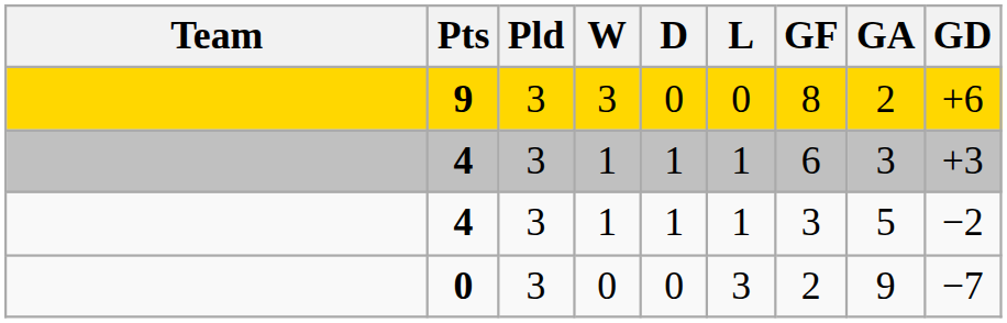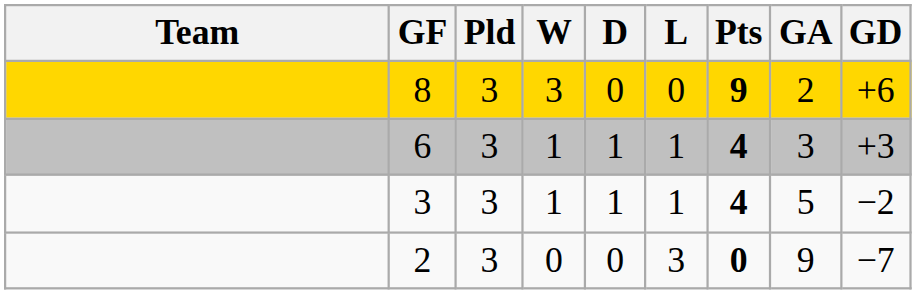 <table class="wikitable" style="text-align: center;">
 <tr>
 <th width=165>Team</th>
-<th width=20>Pts</th>
+<th width=20>GF</th>
 <th width=20>Pld</th>
 <th width=20>W</th>
 <th width=20>D</th>
 <th width=20>L</th>
-<th width=20>GF</th>
+<th width=20>Pts</th>
 <th width=20>GA</th>
 <th width=20>GD</th>
 </tr>
 <tr bgcolor=gold>
 <td style="text-align:left;"></td>
-<td><strong>9</strong></td>
+<td>8</td>
 <td>3</td>
 <td>3</td>
 <td>0</td>
 <td>0</td>
-<td>8</td>
+<td><strong>9</strong></td>
 <td>2</td>
 <td>+6</td>
 </tr>
 <tr bgcolor=silver>
 <td style="text-align:left;"></td>
-<td><strong>4</strong></td>
+<td>6</td>
 <td>3</td>
 <td>1</td>
 <td>1</td>
 <td>1</td>
-<td>6</td>
+<td><strong>4</strong></td>
 <td>3</td>
 <td>+3</td>
 </tr>
 <tr>
 <td style="text-align:left;"></td>
-<td><strong>4</strong></td>
+<td>3</td>
 <td>3</td>
 <td>1</td>
 <td>1</td>
 <td>1</td>
-<td>3</td>
+<td><strong>4</strong></td>
 <td>5</td>
 <td>−2</td>
 </tr>
 <tr>
 <td style="text-align:left;"></td>
-<td><strong>0</strong></td>
+<td>2</td>
 <td>3</td>
 <td>0</td>
 <td>0</td>
 <td>3</td>
-<td>2</td>
+<td><strong>0</strong></td>
 <td>9</td>
 <td>−7</td>
 </tr>
 </table>
